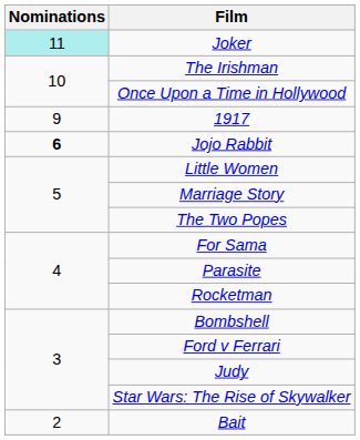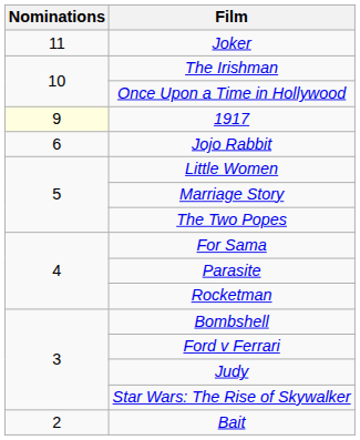 <table class="wikitable" style="text-align:center;">
 <tr>
 <th style="background:">Nominations</th>
 <th style="background:">Film</th>
 </tr>
 <tr>
-<td style="background: paleturquoise;">11</td>
+<td>11</td>
 <td><em><a href='#'>Joker</a></em></td>
 </tr>
 <tr>
 <td rowspan="2">10</td>
 <td><em><a href='#'>The Irishman</a></em></td>
 </tr>
 <tr>
 <td><em><a href='#'>Once Upon a Time in Hollywood</a></em></td>
 </tr>
 <tr>
-<td>9</td>
+<td style="background: lightyellow;">9</td>
 <td><em><a href='#'>1917</a></em></td>
 </tr>
 <tr>
-<td><strong>6</strong></td>
+<td>6</td>
 <td><em><a href='#'>Jojo Rabbit</a></em></td>
 </tr>
 <tr>
 <td rowspan="3">5</td>
 <td><em><a href='#'>Little Women</a></em></td>
 </tr>
 <tr>
 <td><em><a href='#'>Marriage Story</a></em></td>
 </tr>
 <tr>
 <td><em><a href='#'>The Two Popes</a></em></td>
 </tr>
 <tr>
 <td rowspan="3">4</td>
 <td><em><a href='#'>For Sama</a></em></td>
 </tr>
 <tr>
 <td><em><a href='#'>Parasite</a></em></td>
 </tr>
 <tr>
 <td><em><a href='#'>Rocketman</a></em></td>
 </tr>
 <tr>
 <td rowspan="4">3</td>
 <td><em><a href='#'>Bombshell</a></em></td>
 </tr>
 <tr>
 <td><em><a href='#'>Ford v Ferrari</a></em></td>
 </tr>
 <tr>
 <td><em><a href='#'>Judy</a></em></td>
 </tr>
 <tr>
 <td><em><a href='#'>Star Wars: The Rise of Skywalker</a></em></td>
 </tr>
 <tr>
 <td>2</td>
 <td><em><a href='#'>Bait</a></em></td>
 </tr>
 </table>
